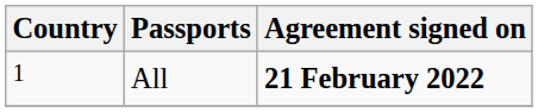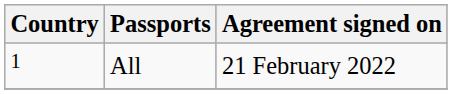 <table class="wikitable">
 <tr>
 <th>Country</th>
 <th>Passports</th>
 <th>Agreement signed on</th>
 </tr>
 <tr>
 <td> <sup>1</sup></td>
 <td>All</td>
-<td><strong>21 February 2022</strong></td>
+<td>21 February 2022</td>
 </tr>
 <tr>
 </tr>
 </table>
